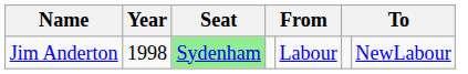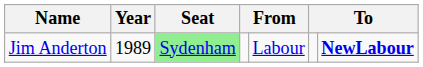 <table class="wikitable">
 <tr>
 <th>Name</th>
 <th>Year</th>
 <th>Seat</th>
 <th colspan="2">From</th>
 <th colspan="2">To</th>
 </tr>
 <tr>
 <td><a href='#'>Jim Anderton</a></td>
-<td>1998</td>
+<td>1989</td>
 <td style="background: lightgreen;"><a href='#'>Sydenham</a></td>
 <td></td>
 <td><a href='#'>Labour</a></td>
 <td></td>
-<td><a href='#'>NewLabour</a></td>
+<td><strong><a href='#'>NewLabour</a></strong></td>
 </tr>
 </table>
